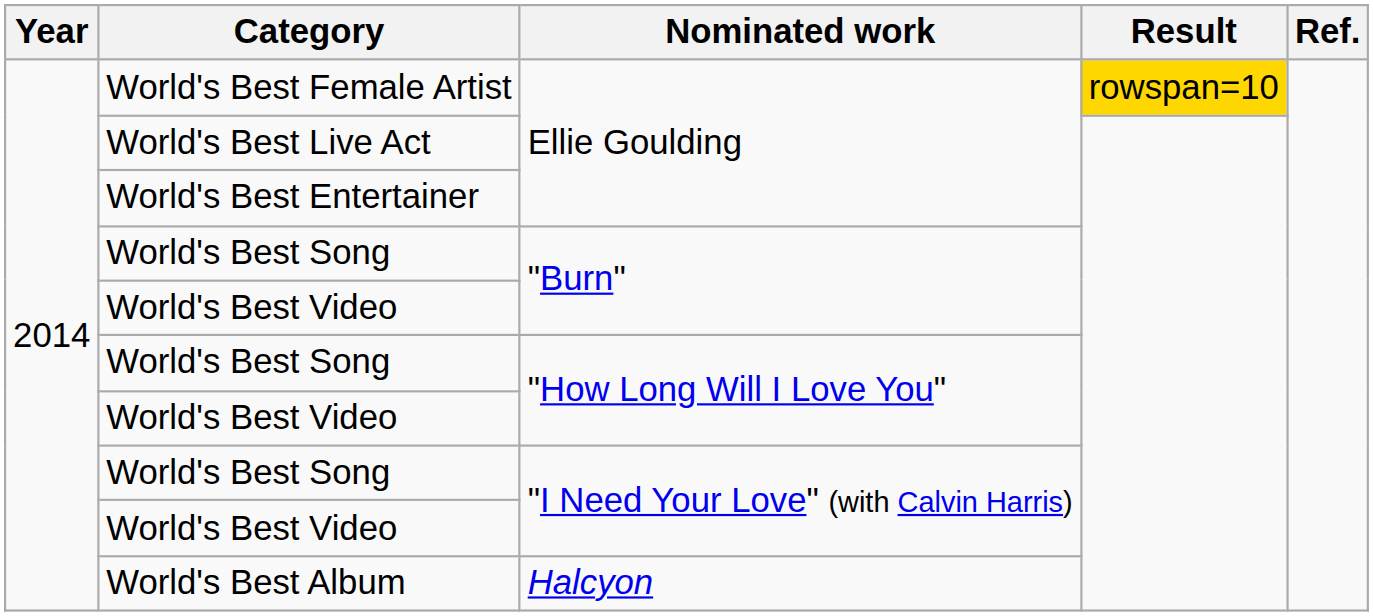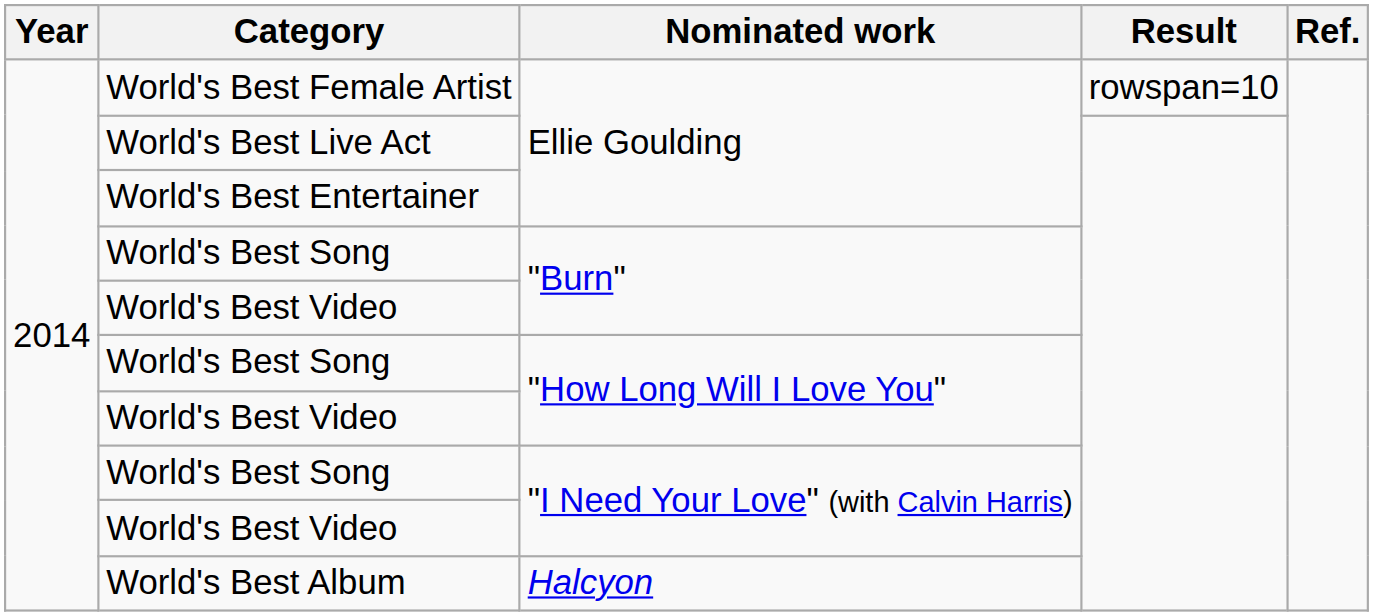 <table class="wikitable">
 <tr>
 <th>Year</th>
 <th>Category</th>
 <th>Nominated work</th>
 <th>Result</th>
 <th>Ref.</th>
 </tr>
 <tr>
 <td rowspan="10">2014</td>
 <td>World's Best Female Artist</td>
 <td rowspan="3">Ellie Goulding</td>
-<td style="background: gold;">rowspan=10 </td>
+<td>rowspan=10 </td>
 <td rowspan="10"></td>
 </tr>
 <tr>
 <td>World's Best Live Act</td>
 </tr>
 <tr>
 <td>World's Best Entertainer</td>
 </tr>
 <tr>
 <td>World's Best Song</td>
 <td rowspan="2">"<a href='#'>Burn</a>"</td>
 </tr>
 <tr>
 <td>World's Best Video</td>
 </tr>
 <tr>
 <td>World's Best Song</td>
 <td rowspan="2">"<a href='#'>How Long Will I Love You</a>"</td>
 </tr>
 <tr>
 <td>World's Best Video</td>
 </tr>
 <tr>
 <td>World's Best Song</td>
 <td rowspan="2">"<a href='#'>I Need Your Love</a>" <small>(with <a href='#'>Calvin Harris</a>)</small></td>
 </tr>
 <tr>
 <td>World's Best Video</td>
 </tr>
 <tr>
 <td>World's Best Album</td>
 <td><em><a href='#'>Halcyon</a></em></td>
 </tr>
 </table>
